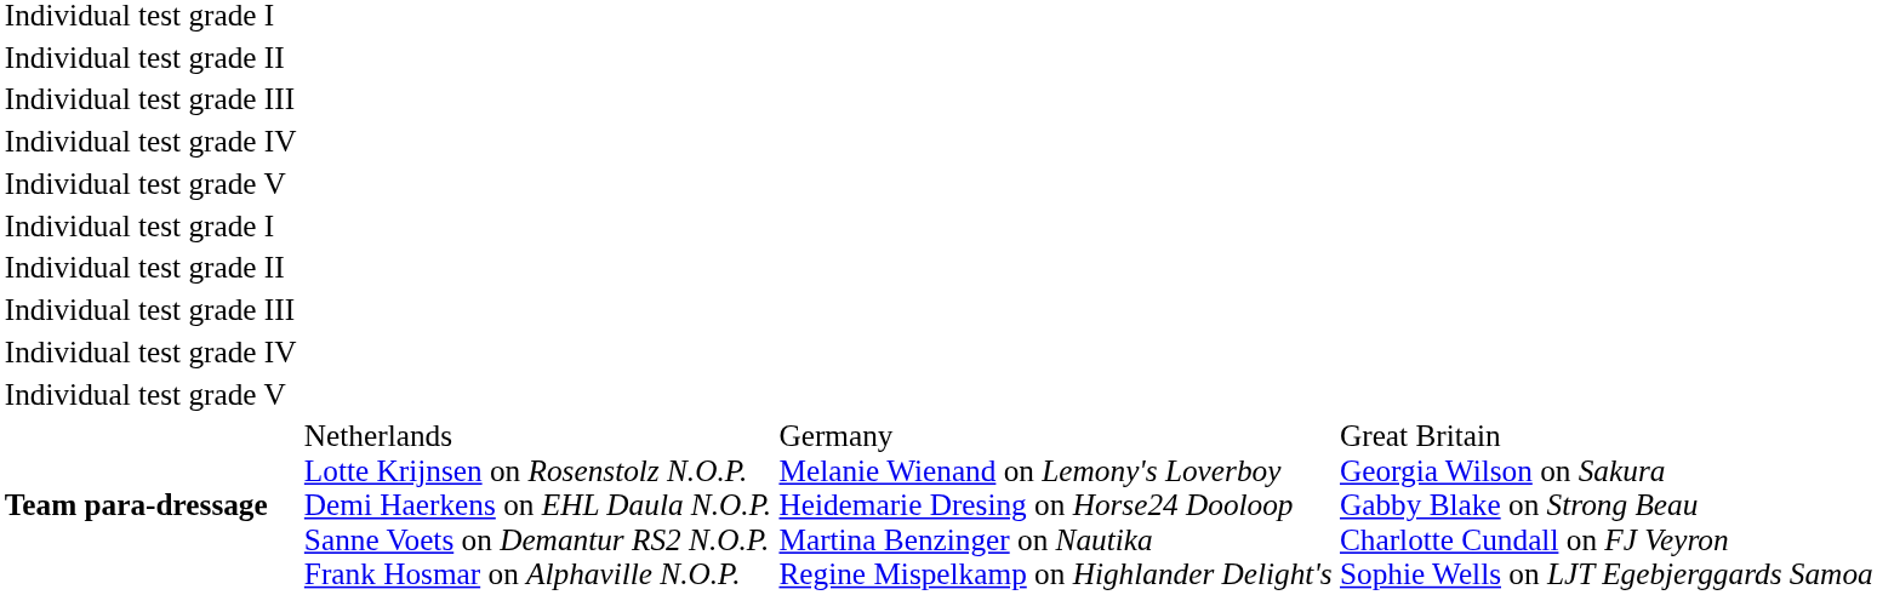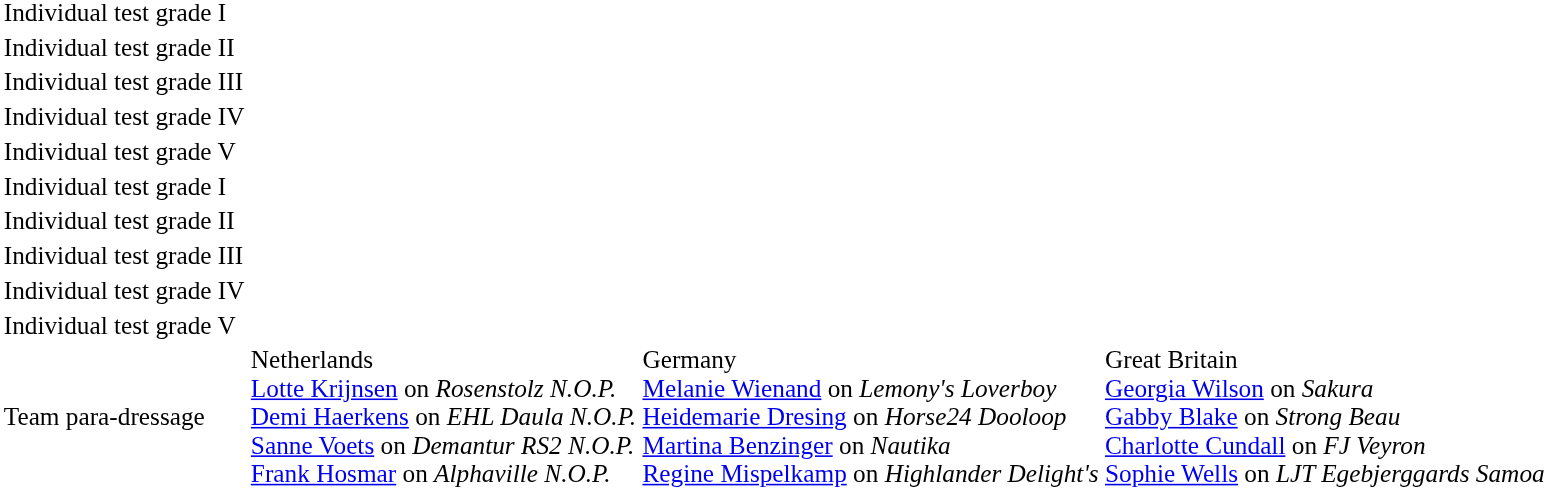 <table>
 <tr>
 <td>Individual test grade I<br></td>
 <td></td>
 <td></td>
 <td></td>
 </tr>
 <tr>
 <td>Individual test grade II<br></td>
 <td></td>
 <td></td>
 <td></td>
 </tr>
 <tr>
 <td>Individual test grade III<br></td>
 <td></td>
 <td></td>
 <td></td>
 </tr>
 <tr>
 <td>Individual test grade IV<br></td>
 <td></td>
 <td></td>
 <td></td>
 </tr>
 <tr>
 <td>Individual test grade V<br></td>
 <td></td>
 <td></td>
 <td></td>
 </tr>
 <tr>
 <td>Individual test grade I<br></td>
 <td></td>
 <td></td>
 <td></td>
 </tr>
 <tr>
 <td>Individual test grade II<br></td>
 <td></td>
 <td></td>
 <td></td>
 </tr>
 <tr>
 <td>Individual test grade III<br></td>
 <td></td>
 <td></td>
 <td></td>
 </tr>
 <tr>
 <td>Individual test grade IV<br></td>
 <td></td>
 <td></td>
 <td></td>
 </tr>
 <tr>
 <td>Individual test grade V<br></td>
 <td></td>
 <td></td>
 <td></td>
 </tr>
 <tr>
-<td><strong>Team para-dressage<br></strong></td>
+<td>Team para-dressage<br></td>
 <td> Netherlands <br><a href='#'>Lotte Krijnsen</a> on <em>Rosenstolz N.O.P.</em><br><a href='#'>Demi Haerkens</a> on <em>EHL Daula N.O.P.</em><br><a href='#'>Sanne Voets</a> on <em>Demantur RS2 N.O.P.</em><br><a href='#'>Frank Hosmar</a> on <em>Alphaville N.O.P.</em></td>
 <td> Germany <br><a href='#'>Melanie Wienand</a> on <em>Lemony's Loverboy</em><br><a href='#'>Heidemarie Dresing</a> on <em>Horse24 Dooloop</em><br><a href='#'>Martina Benzinger</a> on <em>Nautika</em><br><a href='#'>Regine Mispelkamp</a> on <em>Highlander Delight's</em></td>
 <td> Great Britain <br><a href='#'>Georgia Wilson</a> on <em>Sakura</em><br><a href='#'>Gabby Blake</a> on <em>Strong Beau</em><br><a href='#'>Charlotte Cundall</a> on <em>FJ Veyron</em><br><a href='#'>Sophie Wells</a> on <em>LJT Egebjerggards Samoa</em></td>
 </tr>
 </table>
